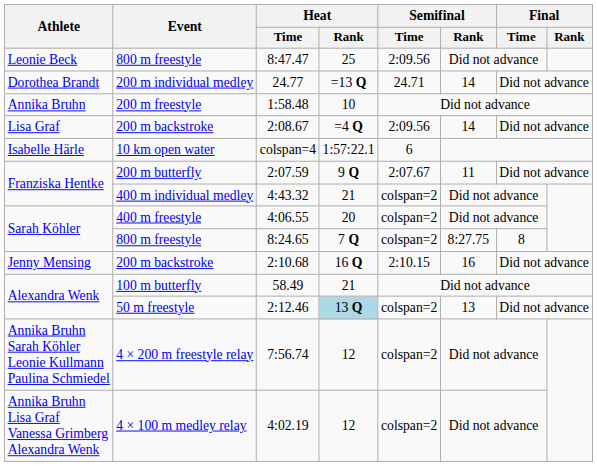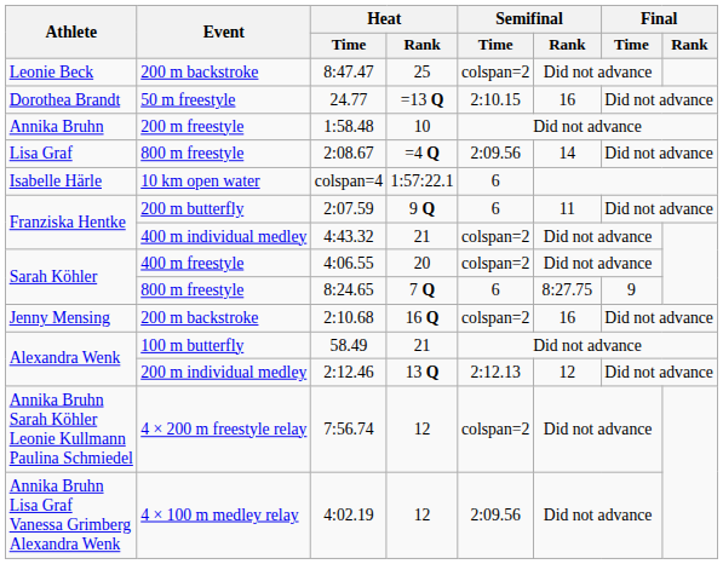 <table class=wikitable style="font-size:90%">
 <tr>
 <th rowspan="2">Athlete</th>
 <th rowspan="2">Event</th>
 <th colspan="2">Heat</th>
 <th colspan="2">Semifinal</th>
 <th colspan="2">Final</th>
 </tr>
 <tr style="font-size:95%">
 <th>Time</th>
 <th>Rank</th>
 <th>Time</th>
 <th>Rank</th>
 <th>Time</th>
 <th>Rank</th>
 </tr>
 <tr align=center>
 <td align=left><a href='#'>Leonie Beck</a></td>
-<td align=left><a href='#'>800 m freestyle</a></td>
+<td align=left><a href='#'>200 m backstroke</a></td>
 <td>8:47.47</td>
 <td>25</td>
-<td>2:09.56</td>
+<td>colspan=2 </td>
 <td colspan=2>Did not advance</td>
 </tr>
 <tr align=center>
 <td align=left><a href='#'>Dorothea Brandt</a></td>
-<td align=left><a href='#'>200 m individual medley</a></td>
+<td align=left><a href='#'>50 m freestyle</a></td>
 <td>24.77</td>
 <td>=13 <strong>Q</strong></td>
-<td>24.71</td>
-<td>14</td>
+<td>2:10.15</td>
+<td>16</td>
 <td colspan=2>Did not advance</td>
 </tr>
 <tr align=center>
 <td align=left><a href='#'>Annika Bruhn</a></td>
 <td align=left><a href='#'>200 m freestyle</a></td>
 <td>1:58.48</td>
 <td>10</td>
 <td colspan=4>Did not advance</td>
 </tr>
 <tr align=center>
 <td align=left><a href='#'>Lisa Graf</a></td>
-<td align=left><a href='#'>200 m backstroke</a></td>
+<td align=left><a href='#'>800 m freestyle</a></td>
 <td>2:08.67</td>
 <td>=4 <strong>Q</strong></td>
 <td>2:09.56</td>
 <td>14</td>
 <td colspan=2>Did not advance</td>
 </tr>
 <tr align=center>
 <td align=left><a href='#'>Isabelle Härle</a></td>
 <td align=left><a href='#'>10 km open water</a></td>
 <td>colspan=4 </td>
 <td>1:57:22.1</td>
 <td>6</td>
 </tr>
 <tr align=center>
 <td align=left rowspan=2><a href='#'>Franziska Hentke</a></td>
 <td align=left><a href='#'>200 m butterfly</a></td>
 <td>2:07.59</td>
 <td>9 <strong>Q</strong></td>
-<td>2:07.67</td>
+<td>6</td>
 <td>11</td>
 <td colspan=2>Did not advance</td>
 </tr>
 <tr align=center>
 <td align=left><a href='#'>400 m individual medley</a></td>
 <td>4:43.32</td>
 <td>21</td>
 <td>colspan=2 </td>
 <td colspan=2>Did not advance</td>
 </tr>
 <tr align=center>
 <td align=left rowspan=2><a href='#'>Sarah Köhler</a></td>
 <td align=left><a href='#'>400 m freestyle</a></td>
 <td>4:06.55</td>
 <td>20</td>
 <td>colspan=2 </td>
 <td colspan=2>Did not advance</td>
 </tr>
 <tr align=center>
 <td align=left><a href='#'>800 m freestyle</a></td>
 <td>8:24.65</td>
 <td>7 <strong>Q</strong></td>
-<td>colspan=2 </td>
+<td>6</td>
 <td>8:27.75</td>
-<td>8</td>
+<td>9</td>
 </tr>
 <tr align=center>
 <td align=left><a href='#'>Jenny Mensing</a></td>
 <td align=left><a href='#'>200 m backstroke</a></td>
 <td>2:10.68</td>
 <td>16 <strong>Q</strong></td>
-<td>2:10.15</td>
+<td>colspan=2 </td>
 <td>16</td>
 <td colspan=2>Did not advance</td>
 </tr>
 <tr align=center>
 <td align=left rowspan=2><a href='#'>Alexandra Wenk</a></td>
 <td align=left><a href='#'>100 m butterfly</a></td>
 <td>58.49</td>
 <td>21</td>
 <td colspan=4>Did not advance</td>
 </tr>
 <tr align=center>
-<td align=left><a href='#'>50 m freestyle</a></td>
+<td align=left><a href='#'>200 m individual medley</a></td>
 <td>2:12.46</td>
-<td style="background: lightblue;">13 <strong>Q</strong></td>
-<td>colspan=2 </td>
-<td>13</td>
+<td>13 <strong>Q</strong></td>
+<td>2:12.13</td>
+<td>12</td>
 <td colspan=2>Did not advance</td>
 </tr>
 <tr align=center>
 <td align=left><a href='#'>Annika Bruhn</a><br><a href='#'>Sarah Köhler</a><br><a href='#'>Leonie Kullmann</a><br><a href='#'>Paulina Schmiedel</a></td>
 <td align=left><a href='#'>4 × 200 m freestyle relay</a></td>
 <td>7:56.74</td>
 <td>12</td>
 <td>colspan=2 </td>
 <td colspan=2>Did not advance</td>
 </tr>
 <tr align=center>
 <td align=left><a href='#'>Annika Bruhn</a><br><a href='#'>Lisa Graf</a><br><a href='#'>Vanessa Grimberg</a><br><a href='#'>Alexandra Wenk</a></td>
 <td align=left><a href='#'>4 × 100 m medley relay</a></td>
 <td>4:02.19</td>
 <td>12</td>
-<td>colspan=2 </td>
+<td>2:09.56</td>
 <td colspan=2>Did not advance</td>
 </tr>
 </table>
